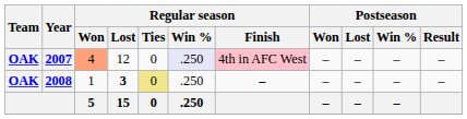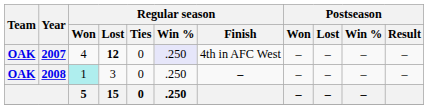 <table class="wikitable" style="font-size: 95%; text-align:center;">
 <tr>
 <th rowspan="2">Team</th>
 <th rowspan="2">Year</th>
 <th colspan="5">Regular season</th>
 <th colspan="4">Postseason</th>
 </tr>
 <tr>
 <th>Won</th>
 <th>Lost</th>
 <th>Ties</th>
 <th>Win %</th>
 <th>Finish</th>
 <th>Won</th>
 <th>Lost</th>
 <th>Win %</th>
 <th>Result</th>
 </tr>
 <tr>
 <th><a href='#'>OAK</a></th>
 <th><a href='#'>2007</a></th>
-<td style="background: lightsalmon;">4</td>
-<td>12</td>
+<td>4</td>
+<td><strong>12</strong></td>
 <td>0</td>
 <td style="background: lavender;">.250</td>
-<td style="background: pink;">4th in AFC West</td>
+<td>4th in AFC West</td>
 <td>–</td>
 <td>–</td>
 <td>–</td>
 <td>–</td>
 </tr>
 <tr>
 <th><a href='#'>OAK</a></th>
 <th><a href='#'>2008</a></th>
-<td>1</td>
-<td><strong>3</strong></td>
-<td style="background: khaki;">0</td>
+<td style="background: paleturquoise;">1</td>
+<td>3</td>
+<td>0</td>
 <td>.250</td>
 <td><strong>–</strong></td>
 <td>–</td>
 <td>–</td>
 <td>–</td>
 <td>–</td>
 </tr>
 <tr>
 <th colspan="2"></th>
 <th>5</th>
 <th>15</th>
 <th>0</th>
 <th>.250</th>
 <th></th>
 <th>–</th>
 <th>–</th>
 <th>–</th>
 <th></th>
 </tr>
 <tr>
 </tr>
 </table>
